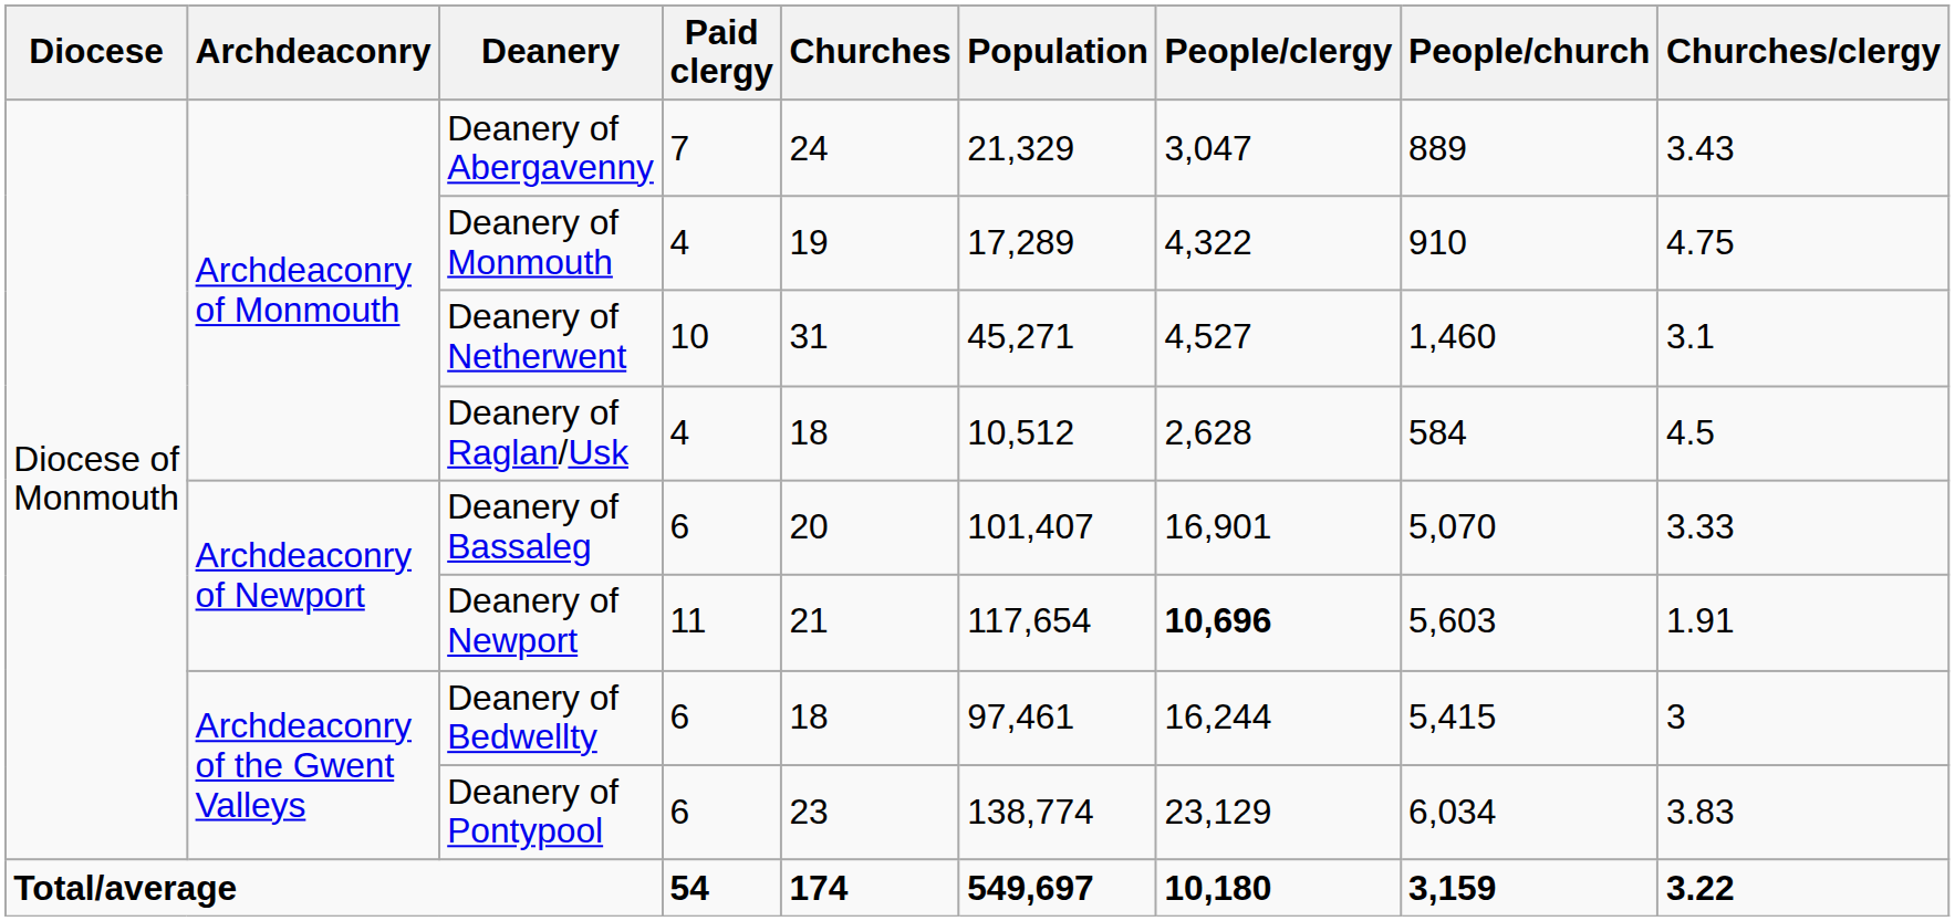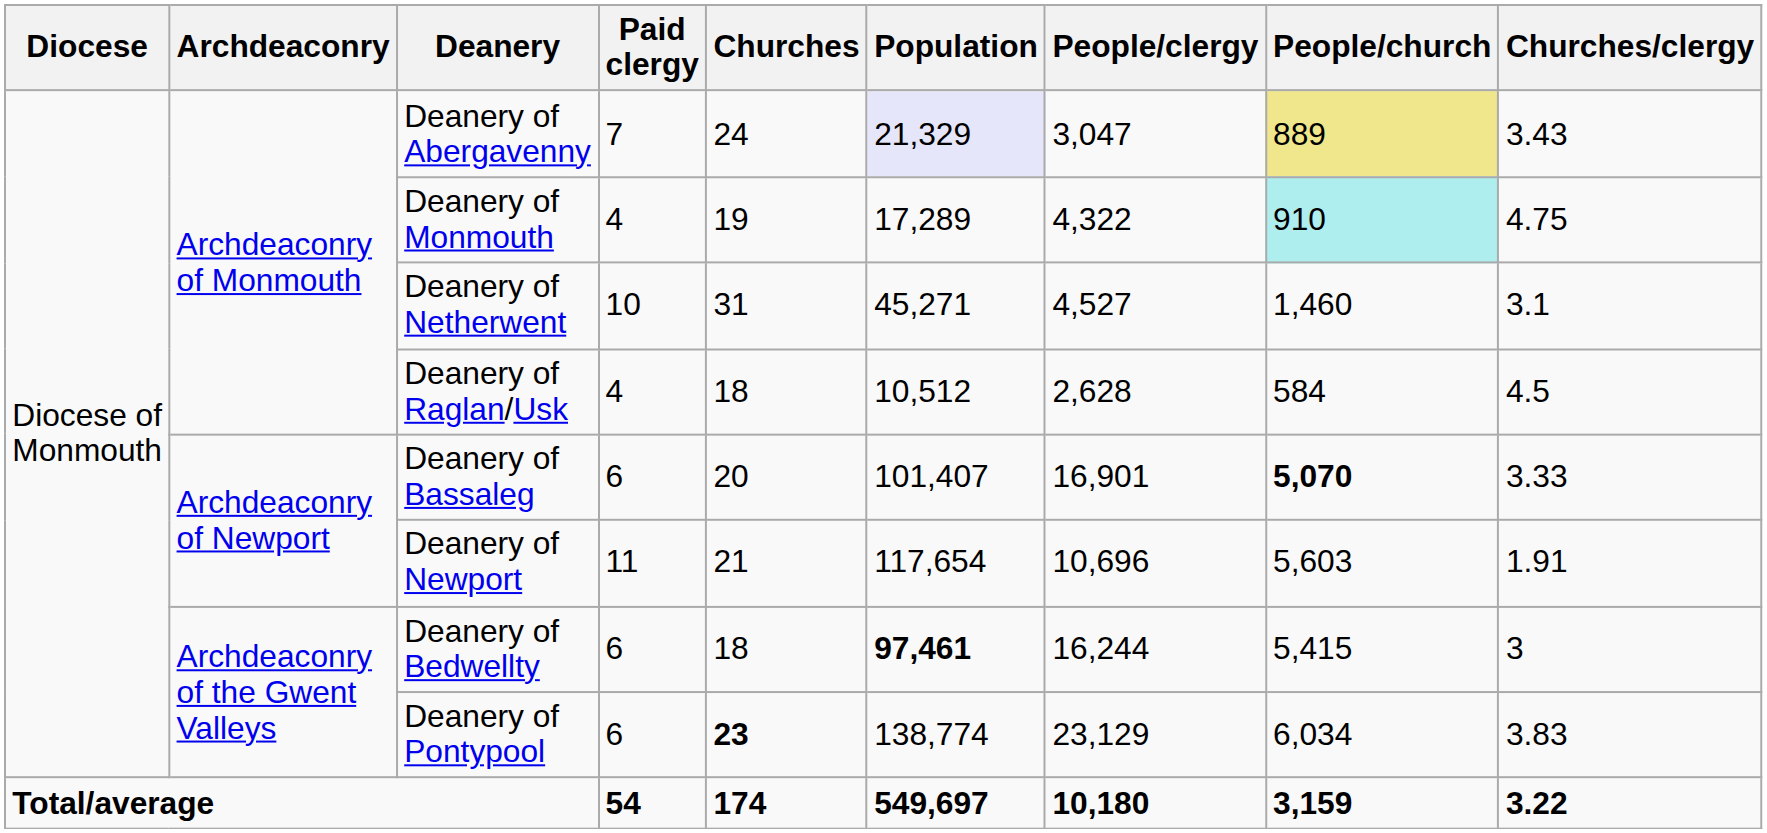 <table class="wikitable">
 <tr>
 <th>Diocese</th>
 <th>Archdeaconry</th>
 <th>Deanery</th>
 <th>Paid clergy</th>
 <th>Churches</th>
 <th>Population</th>
 <th>People/clergy</th>
 <th>People/church</th>
 <th>Churches/clergy</th>
 </tr>
 <tr>
 <td rowspan="8">Diocese of Monmouth</td>
 <td rowspan="4"><a href='#'>Archdeaconry of Monmouth</a></td>
 <td>Deanery of <a href='#'>Abergavenny</a></td>
 <td>7</td>
 <td>24</td>
-<td>21,329</td>
+<td style="background: lavender;">21,329</td>
 <td>3,047</td>
-<td>889</td>
+<td style="background: khaki;">889</td>
 <td>3.43</td>
 </tr>
 <tr>
 <td>Deanery of <a href='#'>Monmouth</a></td>
 <td>4</td>
 <td>19</td>
 <td>17,289</td>
 <td>4,322</td>
-<td>910</td>
+<td style="background: paleturquoise;">910</td>
 <td>4.75</td>
 </tr>
 <tr>
 <td>Deanery of <a href='#'>Netherwent</a></td>
 <td>10</td>
 <td>31</td>
 <td>45,271</td>
 <td>4,527</td>
 <td>1,460</td>
 <td>3.1</td>
 </tr>
 <tr>
 <td>Deanery of <a href='#'>Raglan</a>/<a href='#'>Usk</a></td>
 <td>4</td>
 <td>18</td>
 <td>10,512</td>
 <td>2,628</td>
 <td>584</td>
 <td>4.5</td>
 </tr>
 <tr>
 <td rowspan="2"><a href='#'>Archdeaconry of Newport</a></td>
 <td>Deanery of <a href='#'>Bassaleg</a></td>
 <td>6</td>
 <td>20</td>
 <td>101,407</td>
 <td>16,901</td>
-<td>5,070</td>
+<td><strong>5,070</strong></td>
 <td>3.33</td>
 </tr>
 <tr>
 <td>Deanery of <a href='#'>Newport</a></td>
 <td>11</td>
 <td>21</td>
 <td>117,654</td>
-<td><strong>10,696</strong></td>
+<td>10,696</td>
 <td>5,603</td>
 <td>1.91</td>
 </tr>
 <tr>
 <td rowspan="2"><a href='#'>Archdeaconry of the Gwent Valleys</a></td>
 <td>Deanery of <a href='#'>Bedwellty</a></td>
 <td>6</td>
 <td>18</td>
-<td>97,461</td>
+<td><strong>97,461</strong></td>
 <td>16,244</td>
 <td>5,415</td>
 <td>3</td>
 </tr>
 <tr>
 <td>Deanery of <a href='#'>Pontypool</a></td>
 <td>6</td>
-<td>23</td>
+<td><strong>23</strong></td>
 <td>138,774</td>
 <td>23,129</td>
 <td>6,034</td>
 <td>3.83</td>
 </tr>
 <tr>
 <td colspan="3"><strong>Total/average</strong></td>
 <td><strong>54</strong></td>
 <td><strong>174</strong></td>
 <td><strong>549,697</strong></td>
 <td><strong>10,180</strong></td>
 <td><strong>3,159</strong></td>
 <td><strong>3.22</strong></td>
 </tr>
 </table>
